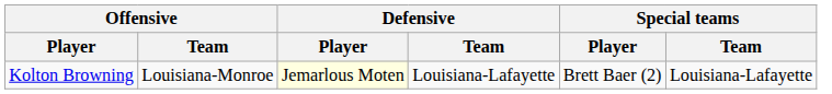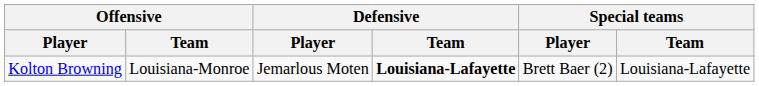 <table class="wikitable">
 <tr>
 <th colspan="2">Offensive</th>
 <th colspan="2">Defensive</th>
 <th colspan="2">Special teams</th>
 </tr>
 <tr>
 <th>Player</th>
 <th>Team</th>
 <th>Player</th>
 <th>Team</th>
 <th>Player</th>
 <th>Team</th>
 </tr>
 <tr>
 <td><a href='#'>Kolton Browning</a></td>
 <td>Louisiana-Monroe</td>
-<td style="background: lightyellow;">Jemarlous Moten</td>
-<td>Louisiana-Lafayette</td>
+<td>Jemarlous Moten</td>
+<td><strong>Louisiana-Lafayette</strong></td>
 <td>Brett Baer (2)</td>
 <td>Louisiana-Lafayette</td>
 </tr>
 </table>
